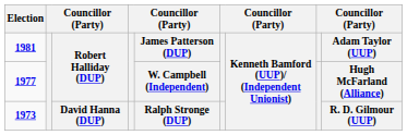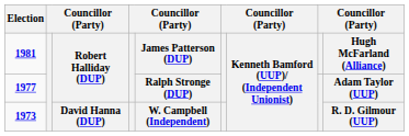 <table class="wikitable" style="text-align:center">
 <tr>
 <th scope="col" width="50">Election</th>
 <th scope="col" width="150" colspan = "2">Councillor<br> (Party)</th>
 <th scope="col" width="150" colspan = "2">Councillor<br> (Party)</th>
 <th scope="col" width="150" colspan = "2">Councillor<br> (Party)</th>
 <th scope="col" width="150" colspan = "2">Councillor<br> (Party)</th>
 </tr>
 <tr>
 <td><strong><a href='#'>1981</a></strong></td>
 <th rowspan="3" width="1" style="background-color: "></th>
 <th rowspan = "2">Robert Halliday <br> (<a href='#'>DUP</a>)</th>
 <th rowspan="2" width="1" style="background-color: "></th>
 <th rowspan = "1">James Patterson <br> (<a href='#'>DUP</a>)</th>
 <th rowspan="2" width="1" style="background-color: "></th>
 <th rowspan = "3">Kenneth Bamford <br> (<a href='#'>UUP</a>)/ <br> (<a href='#'>Independent Unionist</a>)</th>
 <th rowspan="1" width="1" style="background-color: "></th>
-<th rowspan = "1">Adam Taylor <br> (<a href='#'>UUP</a>)</th>
+<th rowspan = "1">Hugh McFarland <br> (<a href='#'>Alliance</a>)</th>
 </tr>
 <tr>
 <td><strong><a href='#'>1977</a></strong></td>
-<th rowspan = "1">W. Campbell <br> (<a href='#'>Independent</a>)</th>
+<th rowspan = "1">Ralph Stronge <br> (<a href='#'>DUP</a>)</th>
 <th rowspan="2" width="1" style="background-color: "></th>
-<th rowspan = "1">Hugh McFarland <br> (<a href='#'>Alliance</a>)</th>
+<th rowspan = "1">Adam Taylor <br> (<a href='#'>UUP</a>)</th>
 </tr>
 <tr>
 <td><strong><a href='#'>1973</a></strong></td>
 <th rowspan = "1">David Hanna <br> (<a href='#'>DUP</a>)</th>
 <th rowspan="1" width="1" style="background-color: "></th>
-<th rowspan = "1">Ralph Stronge <br> (<a href='#'>DUP</a>)</th>
+<th rowspan = "1">W. Campbell <br> (<a href='#'>Independent</a>)</th>
 <th rowspan="1" width="1" style="background-color: "></th>
 <th rowspan = "1">R. D. Gilmour <br> (<a href='#'>UUP</a>)</th>
 </tr>
 </table>
